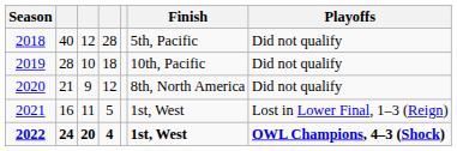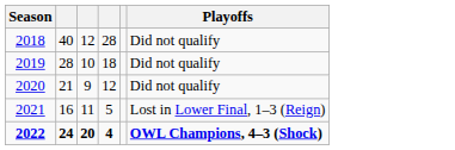 <table class="wikitable" style="text-align:center;">
 <tr>
 <th style="background:#">Season</th>
 <th style="background:#"></th>
 <th style="background:#"></th>
 <th style="background:#"></th>
 <th style="background:#"></th>
-<th style="background:#">Finish</th>
 <th style="background:#">Playoffs</th>
 </tr>
 <tr>
 <td><a href='#'>2018</a></td>
 <td>40</td>
 <td>12</td>
 <td>28</td>
 <td></td>
-<td style="text-align:left">5th, Pacific</td>
 <td style="text-align:left">Did not qualify</td>
 </tr>
 <tr>
 <td><a href='#'>2019</a></td>
 <td>28</td>
 <td>10</td>
 <td>18</td>
 <td></td>
-<td style="text-align:left">10th, Pacific</td>
 <td style="text-align:left">Did not qualify</td>
 </tr>
 <tr>
 <td><a href='#'>2020</a></td>
 <td>21</td>
 <td>9</td>
 <td>12</td>
 <td></td>
-<td style="text-align:left">8th, North America</td>
 <td style="text-align:left">Did not qualify</td>
 </tr>
 <tr>
 <td><a href='#'>2021</a></td>
 <td>16</td>
 <td>11</td>
 <td>5</td>
 <td></td>
-<td style="text-align:left">1st, West</td>
 <td style="text-align:left">Lost in <a href='#'>Lower Final</a>, 1–3 (<a href='#'>Reign</a>)</td>
 </tr>
 <tr>
 <td><strong><a href='#'>2022</a></strong></td>
 <td><strong>24</strong></td>
 <td><strong>20</strong></td>
 <td><strong>4</strong></td>
 <td><strong></strong></td>
-<td style="text-align:left"><strong>1st, West</strong></td>
 <td style="text-align:left"><strong><a href='#'>OWL Champions</a>, 4–3 (<a href='#'>Shock</a>)</strong></td>
 </tr>
 </table>
